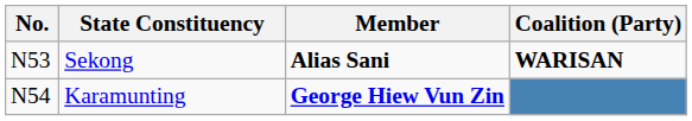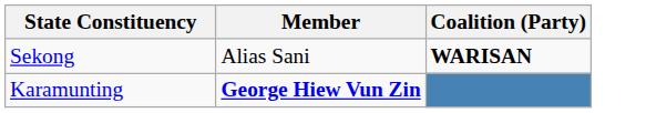 <table class="wikitable sortable">
 <tr>
-<th width="30">No.</th>
 <th width="150">State Constituency</th>
 <th>Member</th>
 <th>Coalition (Party)</th>
 </tr>
 <tr>
-<td>N53</td>
 <td><a href='#'>Sekong</a></td>
-<td><strong>Alias Sani</strong></td>
+<td>Alias Sani</td>
 <td><strong>WARISAN</strong></td>
 </tr>
 <tr>
-<td>N54</td>
 <td><a href='#'>Karamunting</a></td>
 <td><strong><a href='#'>George Hiew Vun Zin</a></strong></td>
 <td style="background-color: #4682B4;"></td>
 </tr>
 </table>
